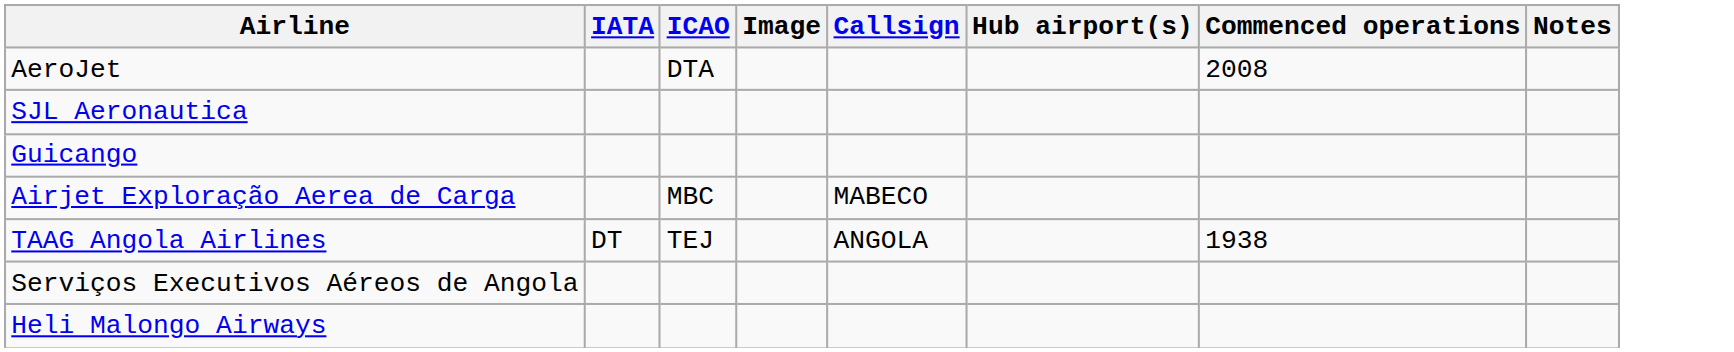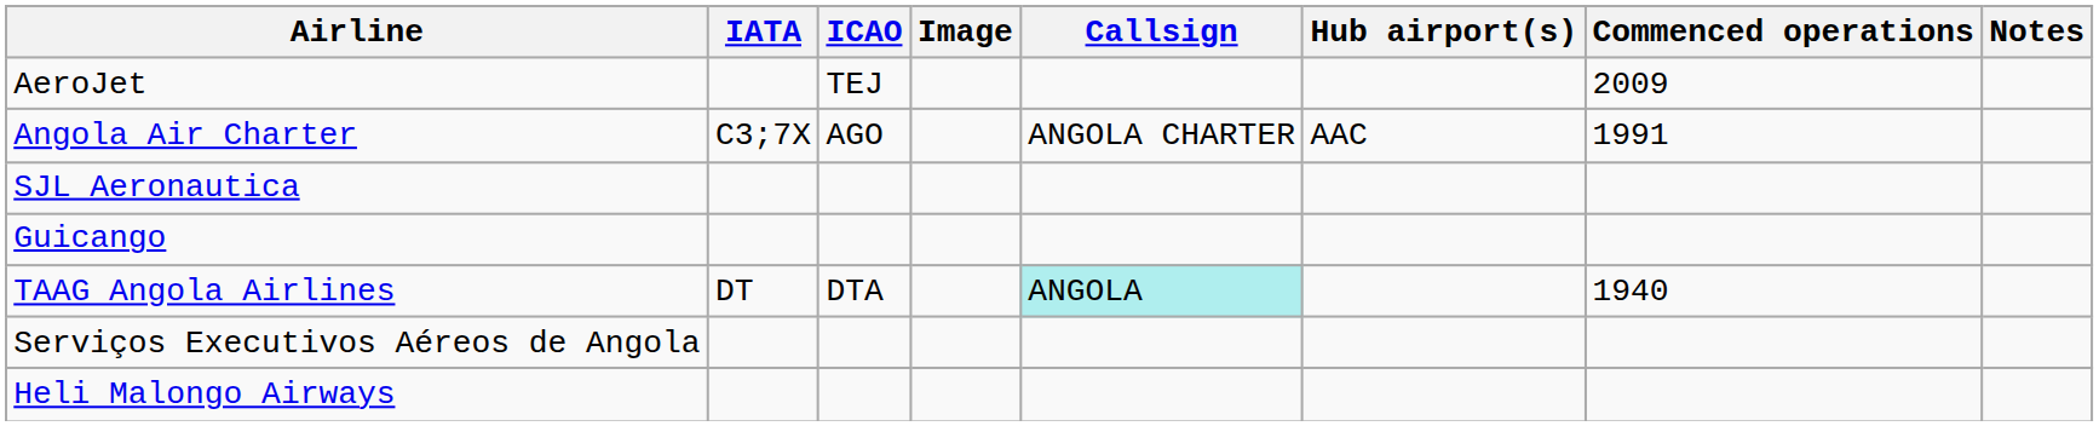 <table class="wikitable sortable" style="border: 0; cellpadding: 2; cellspacing: 3;">
 <tr valign="middle">
 <th>Airline</th>
 <th><a href='#'>IATA</a></th>
 <th><a href='#'>ICAO</a></th>
 <th>Image</th>
 <th><a href='#'>Callsign</a></th>
 <th>Hub airport(s)</th>
 <th>Commenced operations</th>
 <th class="unsortable">Notes</th>
 </tr>
 <tr>
 <td>AeroJet</td>
 <td></td>
-<td>DTA</td>
+<td>TEJ</td>
 <td></td>
 <td></td>
 <td></td>
-<td>2008</td>
+<td>2009</td>
+<td></td>
+</tr>
+<tr>
+<td><a href='#'>Angola Air Charter</a></td>
+<td>C3;7X</td>
+<td>AGO</td>
+<td></td>
+<td>ANGOLA CHARTER</td>
+<td>AAC</td>
+<td>1991</td>
 <td></td>
 </tr>
 <tr>
 <td><a href='#'>SJL Aeronautica</a></td>
 <td></td>
 <td></td>
 <td></td>
 <td></td>
 <td></td>
 <td></td>
 <td></td>
 </tr>
 <tr>
 <td><a href='#'>Guicango</a></td>
 <td></td>
 <td></td>
 <td></td>
 <td></td>
 <td></td>
 <td></td>
 <td></td>
 </tr>
 <tr>
-<td><a href='#'>Airjet Exploração Aerea de Carga</a></td>
-<td></td>
-<td>MBC</td>
-<td></td>
-<td>MABECO</td>
-<td></td>
-<td></td>
-<td></td>
-</tr>
-<tr>
 <td><a href='#'>TAAG Angola Airlines</a></td>
 <td>DT</td>
-<td>TEJ</td>
+<td>DTA</td>
 <td></td>
-<td>ANGOLA</td>
+<td style="background: paleturquoise;">ANGOLA</td>
 <td></td>
-<td>1938</td>
+<td>1940</td>
 <td></td>
 </tr>
 <tr>
 <td>Serviços Executivos Aéreos de Angola</td>
 <td></td>
 <td></td>
 <td></td>
 <td></td>
 <td></td>
 <td></td>
 <td></td>
 </tr>
 <tr>
 <td><a href='#'>Heli Malongo Airways</a></td>
 <td></td>
 <td></td>
 <td></td>
 <td></td>
 <td></td>
 <td></td>
 <td></td>
 </tr>
 <tr>
 </tr>
 </table>
